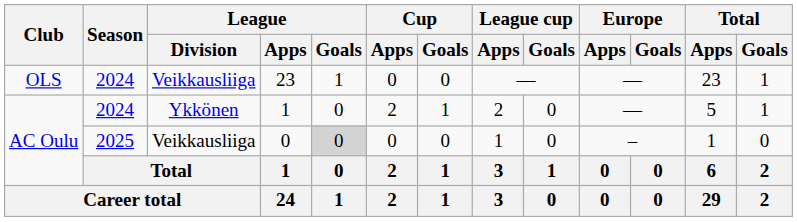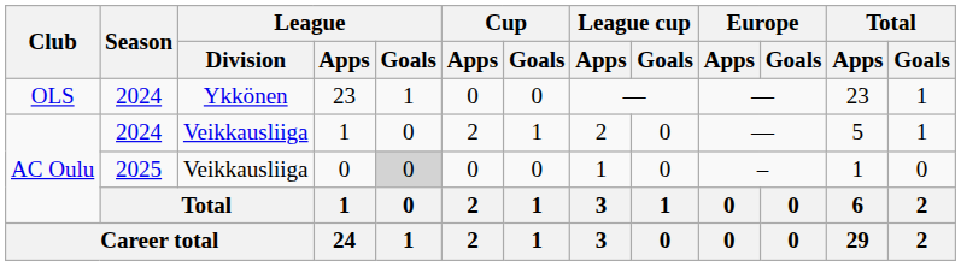 <table class="wikitable" style="text-align:center">
 <tr>
 <th rowspan="2">Club</th>
 <th rowspan="2">Season</th>
 <th colspan="3">League</th>
 <th colspan="2">Cup</th>
 <th colspan="2">League cup</th>
 <th colspan="2">Europe</th>
 <th colspan="2">Total</th>
 </tr>
 <tr>
 <th>Division</th>
 <th>Apps</th>
 <th>Goals</th>
 <th>Apps</th>
 <th>Goals</th>
 <th>Apps</th>
 <th>Goals</th>
 <th>Apps</th>
 <th>Goals</th>
 <th>Apps</th>
 <th>Goals</th>
 </tr>
 <tr>
 <td rowspan="1"><a href='#'>OLS</a></td>
 <td><a href='#'>2024</a></td>
-<td><a href='#'>Veikkausliiga</a></td>
+<td rowspan="1"><a href='#'>Ykkönen</a></td>
 <td>23</td>
 <td>1</td>
 <td>0</td>
 <td>0</td>
 <td colspan="2">—</td>
 <td colspan="2">—</td>
 <td>23</td>
 <td>1</td>
 </tr>
 <tr>
 <td rowspan=3><a href='#'>AC Oulu</a></td>
 <td><a href='#'>2024</a></td>
-<td rowspan="1"><a href='#'>Ykkönen</a></td>
+<td><a href='#'>Veikkausliiga</a></td>
 <td>1</td>
 <td>0</td>
 <td>2</td>
 <td>1</td>
 <td>2</td>
 <td>0</td>
 <td colspan="2">—</td>
 <td>5</td>
 <td>1</td>
 </tr>
 <tr>
 <td><a href='#'>2025</a></td>
 <td>Veikkausliiga</td>
 <td>0</td>
 <td style="background: lightgrey;">0</td>
 <td>0</td>
 <td>0</td>
 <td>1</td>
 <td>0</td>
 <td colspan=2>–</td>
 <td>1</td>
 <td>0</td>
 </tr>
 <tr>
 <th colspan=2>Total</th>
 <th>1</th>
 <th>0</th>
 <th>2</th>
 <th>1</th>
 <th>3</th>
 <th>1</th>
 <th>0</th>
 <th>0</th>
 <th>6</th>
 <th>2</th>
 </tr>
 <tr>
 <th colspan="3">Career total</th>
 <th>24</th>
 <th>1</th>
 <th>2</th>
 <th>1</th>
 <th>3</th>
 <th>0</th>
 <th>0</th>
 <th>0</th>
 <th>29</th>
 <th>2</th>
 </tr>
 </table>
